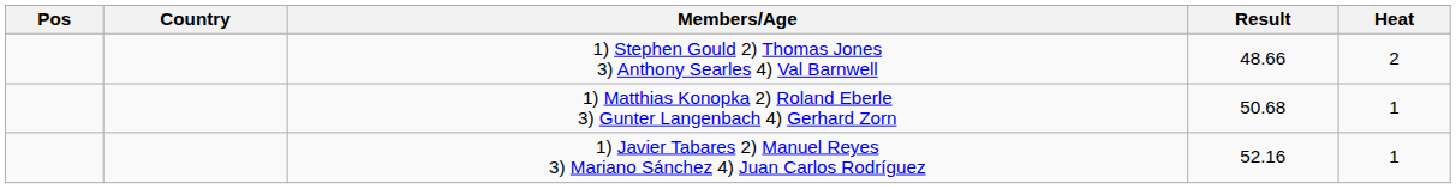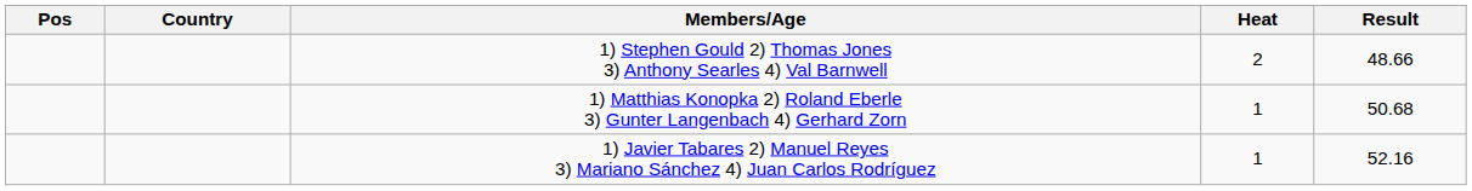 <table class="wikitable"  style="text-align:center; width:80%;">
 <tr>
 <th>Pos</th>
 <th>Country</th>
 <th>Members/Age</th>
+<th>Heat</th>
 <th>Result</th>
-<th>Heat</th>
 </tr>
 <tr>
 <td align=center></td>
 <td align=left></td>
 <td>1) <a href='#'>Stephen Gould</a> 2) <a href='#'>Thomas Jones</a><br>3) <a href='#'>Anthony Searles</a> 4) <a href='#'>Val Barnwell</a></td>
+<td>2</td>
 <td>48.66</td>
-<td>2</td>
 </tr>
 <tr>
 <td align=center></td>
 <td align=left></td>
 <td>1) <a href='#'>Matthias Konopka</a> 2) <a href='#'>Roland Eberle</a><br>3) <a href='#'>Gunter Langenbach</a> 4) <a href='#'>Gerhard Zorn</a></td>
+<td>1</td>
 <td>50.68</td>
-<td>1</td>
 </tr>
 <tr>
 <td align=center></td>
 <td align=left></td>
 <td>1) <a href='#'>Javier Tabares</a> 2) <a href='#'>Manuel Reyes</a><br>3) <a href='#'>Mariano Sánchez</a> 4) <a href='#'>Juan Carlos Rodríguez</a></td>
+<td>1</td>
 <td>52.16</td>
-<td>1</td>
 </tr>
 </table>
